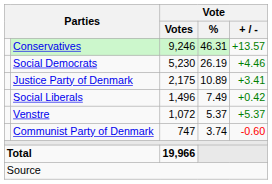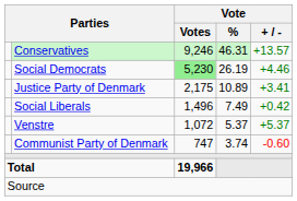 <table class="wikitable" style="text-align:right;">
 <tr>
 <th style="text-align:centre;" rowspan="2" colspan="2" width="225">Parties</th>
 <th colspan="3">Vote</th>
 </tr>
 <tr>
 <th width="15">Votes</th>
 <th width="15">%</th>
 <th width="15">+ / -</th>
 </tr>
 <tr>
 <td width="2" style="color:inherit;background:"></td>
 <td bgcolor=#ccf7cc  align="left"><a href='#'>Conservatives</a></td>
 <td bgcolor=#ccf7cc>9,246</td>
 <td bgcolor=#ccf7cc>46.31</td>
 <td style=color:green;>+13.57</td>
 </tr>
 <tr>
 <td width="2" style="color:inherit;background:"></td>
 <td align="left"><a href='#'>Social Democrats</a></td>
-<td>5,230</td>
+<td style="background: lightgreen;">5,230</td>
 <td>26.19</td>
 <td style=color:green;>+4.46</td>
 </tr>
 <tr>
 <td width="2" style="color:inherit;background:"></td>
 <td align="left"><a href='#'>Justice Party of Denmark</a></td>
 <td>2,175</td>
 <td>10.89</td>
 <td style=color:green;>+3.41</td>
 </tr>
 <tr>
 <td width="2" style="color:inherit;background:"></td>
 <td align="left"><a href='#'>Social Liberals</a></td>
 <td>1,496</td>
 <td>7.49</td>
 <td style=color:green;>+0.42</td>
 </tr>
 <tr>
 <td width="2" style="color:inherit;background:"></td>
 <td align="left"><a href='#'>Venstre</a></td>
 <td>1,072</td>
 <td>5.37</td>
 <td style=color:green;>+5.37</td>
 </tr>
 <tr>
 <td width="2" style="color:inherit;background:"></td>
 <td align="left"><a href='#'>Communist Party of Denmark</a></td>
 <td>747</td>
 <td>3.74</td>
 <td style=color:red;>-0.60</td>
 </tr>
 <tr>
 <td colspan="7" bgcolor="#E9E9E9"></td>
 </tr>
 <tr>
 <td align="left" colspan="2"><strong>Total</strong></td>
 <td><strong>19,966</strong></td>
 <td bgcolor="#E9E9E9" colspan="2"></td>
 </tr>
 <tr>
 <td align="left" colspan="6">Source</td>
 </tr>
 </table>
